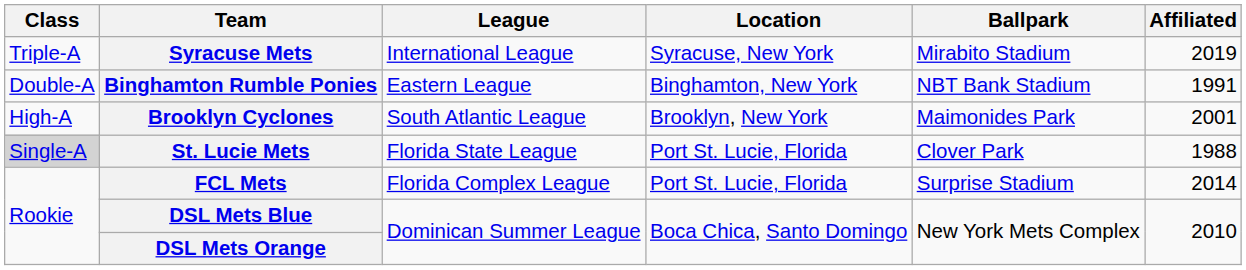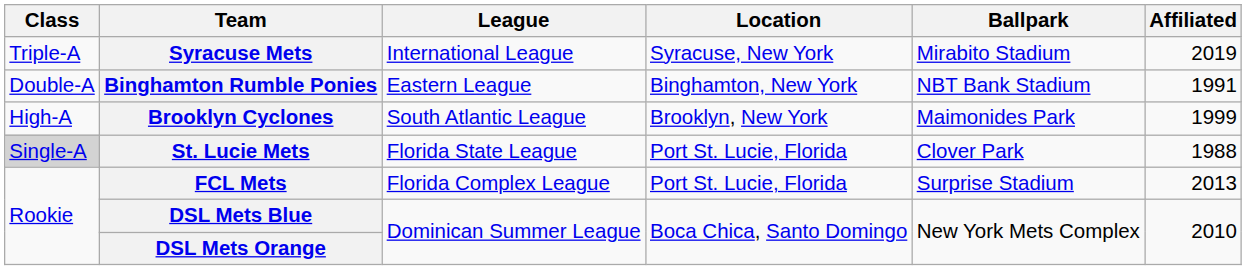 <table class="wikitable plainrowheaders sortable">
 <tr>
 <th scope="col">Class</th>
 <th scope="col">Team</th>
 <th scope="col">League</th>
 <th scope="col">Location</th>
 <th scope="col">Ballpark</th>
 <th scope="col">Affiliated</th>
 </tr>
 <tr>
 <td><a href='#'>Triple-A</a></td>
 <th scope="row"><a href='#'>Syracuse Mets</a></th>
 <td><a href='#'>International League</a></td>
 <td><a href='#'>Syracuse, New York</a></td>
 <td><a href='#'>Mirabito Stadium</a></td>
 <td align="right">2019</td>
 </tr>
 <tr>
 <td><a href='#'>Double-A</a></td>
 <th scope="row"><a href='#'>Binghamton Rumble Ponies</a></th>
 <td><a href='#'>Eastern League</a></td>
 <td><a href='#'>Binghamton, New York</a></td>
 <td><a href='#'>NBT Bank Stadium</a></td>
 <td align="right">1991</td>
 </tr>
 <tr>
 <td><a href='#'>High-A</a></td>
 <th scope="row"><a href='#'>Brooklyn Cyclones</a></th>
 <td><a href='#'>South Atlantic League</a></td>
 <td><a href='#'>Brooklyn</a>, <a href='#'>New York</a></td>
 <td><a href='#'>Maimonides Park</a></td>
-<td align="right">2001</td>
+<td align="right">1999</td>
 </tr>
 <tr>
 <td style="background: lightgrey;"><a href='#'>Single-A</a></td>
 <th scope="row"><a href='#'>St. Lucie Mets</a></th>
 <td><a href='#'>Florida State League</a></td>
 <td><a href='#'>Port St. Lucie, Florida</a></td>
 <td><a href='#'>Clover Park</a></td>
 <td align="right">1988</td>
 </tr>
 <tr>
 <td rowspan=3><a href='#'>Rookie</a></td>
 <th scope="row"><a href='#'>FCL Mets</a></th>
 <td><a href='#'>Florida Complex League</a></td>
 <td><a href='#'>Port St. Lucie, Florida</a></td>
 <td><a href='#'>Surprise Stadium</a></td>
-<td align="right">2014</td>
+<td align="right">2013</td>
 </tr>
 <tr>
 <th scope="row"><a href='#'>DSL Mets Blue</a></th>
 <td rowspan=2><a href='#'>Dominican Summer League</a></td>
 <td rowspan=2><a href='#'>Boca Chica</a>, <a href='#'>Santo Domingo</a></td>
 <td rowspan=2>New York Mets Complex</td>
 <td rowspan=2 align="right">2010</td>
 </tr>
 <tr>
 <th scope="row"><a href='#'>DSL Mets Orange</a></th>
 </tr>
 </table>
